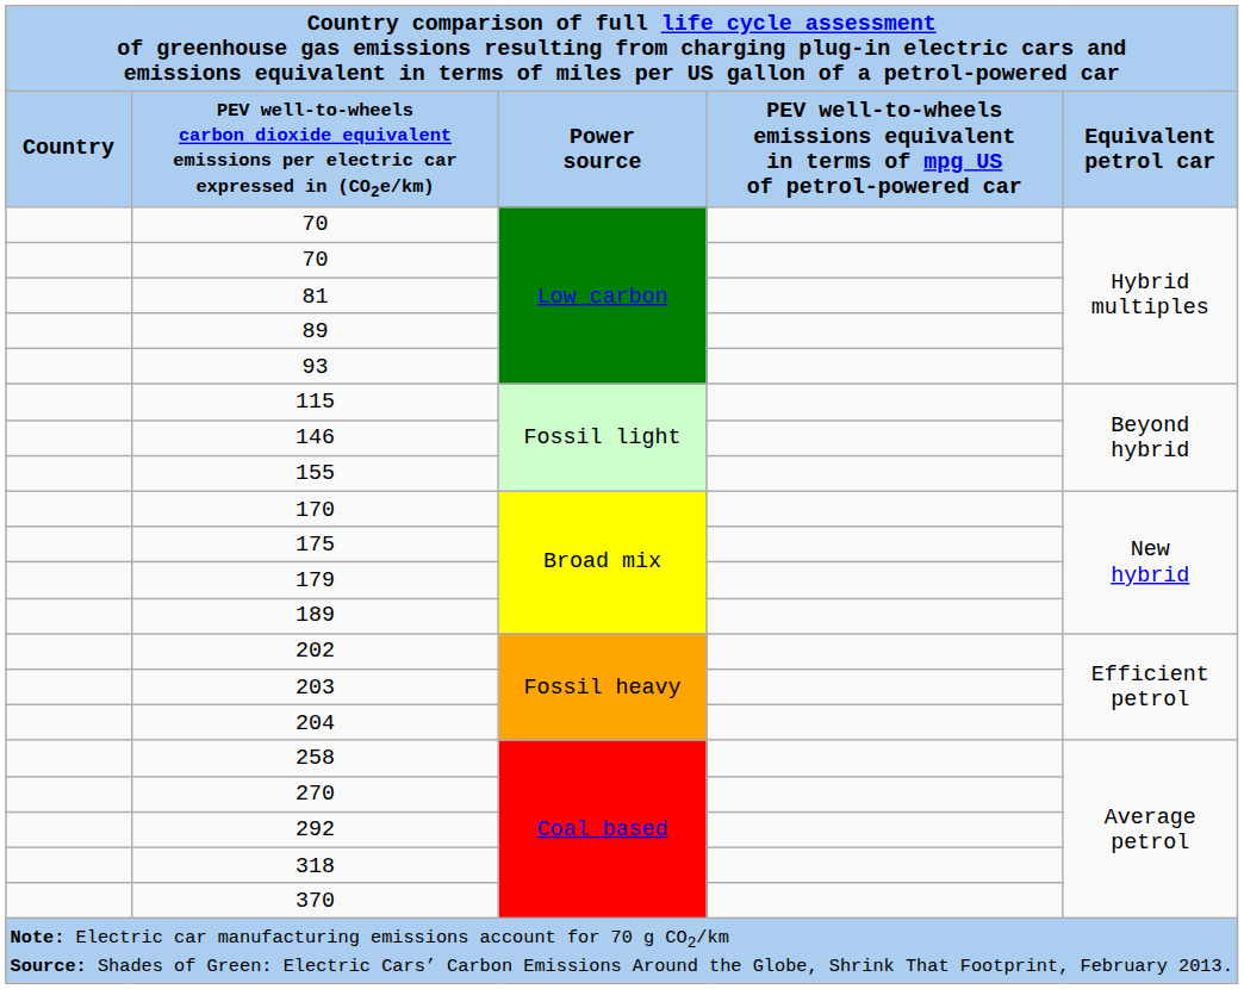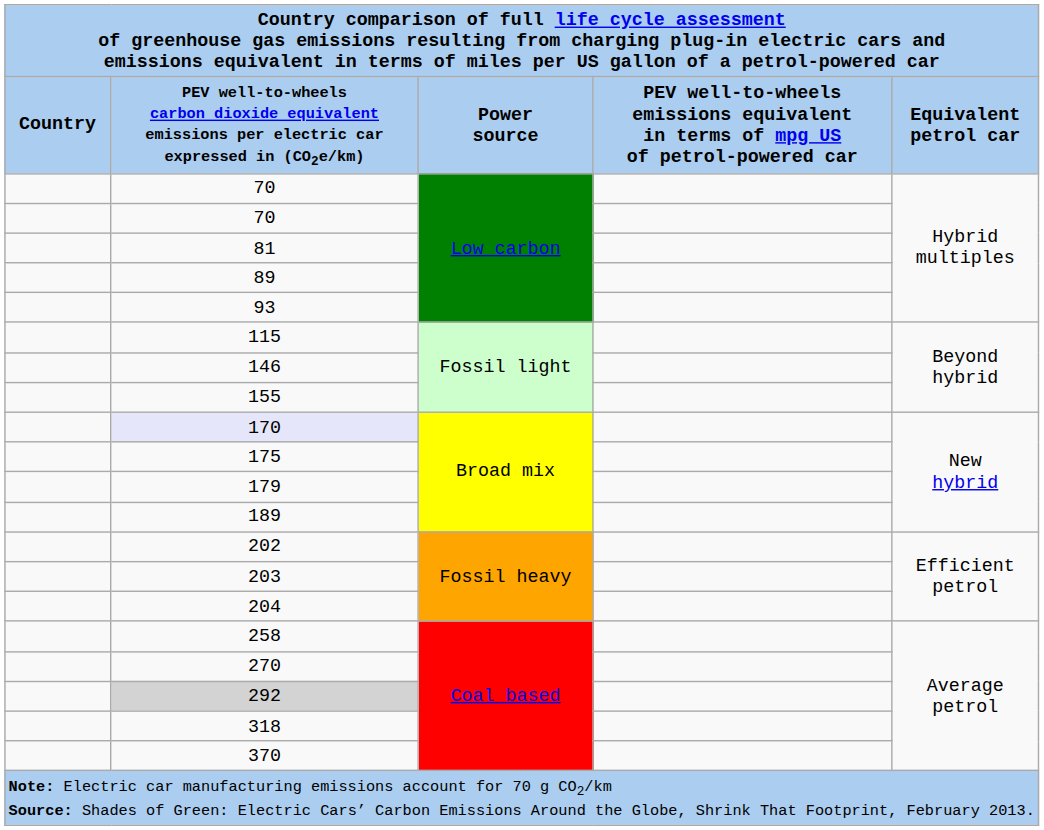 <table class="wikitable" style="margin: 1em auto 1em auto">
 <tr>
 <th colspan="5"  style="text-align:center; background:#abcdef;">Country comparison of full <a href='#'>life cycle assessment</a><br>of greenhouse gas emissions resulting from charging plug-in electric cars and<br>emissions equivalent in terms of miles per US gallon of a petrol-powered car</th>
 </tr>
 <tr>
 <th style="background:#abcdef;">Country</th>
 <th style="background:#abcdef;"><small>PEV well-to-wheels<br> <a href='#'>carbon dioxide equivalent</a><br> emissions per electric car<br>expressed in (CO<sub>2</sub>e/km)</small></th>
 <th style="background:#abcdef;">Power<br>source</th>
 <th style="background:#abcdef;">PEV well-to-wheels<br>  emissions equivalent<br> in terms of <a href='#'>mpg US</a><br>of petrol-powered car</th>
 <th style="background:#abcdef;">Equivalent<br>petrol car</th>
 </tr>
 <tr align=center>
 <td align=left></td>
 <td>70</td>
 <td rowspan="5"  bgcolor="green"><a href='#'>Low carbon</a></td>
 <td></td>
 <td rowspan="5">Hybrid<br> multiples</td>
 </tr>
 <tr align=center>
 <td align=left></td>
 <td>70</td>
 <td></td>
 </tr>
 <tr align=center>
 <td align=left></td>
 <td>81</td>
 <td></td>
 </tr>
 <tr align=center>
 <td align=left></td>
 <td>89</td>
 <td></td>
 </tr>
 <tr align=center>
 <td align=left></td>
 <td>93</td>
 <td></td>
 </tr>
 <tr align=center>
 <td align=left></td>
 <td>115</td>
 <td rowspan="3"  bgcolor="#ccffcc">Fossil light</td>
 <td></td>
 <td rowspan="3">Beyond<br>hybrid</td>
 </tr>
 <tr align=center>
 <td align=left></td>
 <td>146</td>
 <td></td>
 </tr>
 <tr align=center>
 <td align=left></td>
 <td>155</td>
 <td></td>
 </tr>
 <tr align=center>
 <td align=left></td>
-<td>170</td>
+<td style="background: lavender;">170</td>
 <td rowspan="4"  bgcolor="yellow">Broad mix</td>
 <td></td>
 <td rowspan="4">New<br><a href='#'>hybrid</a></td>
 </tr>
 <tr align=center>
 <td align=left></td>
 <td>175</td>
 <td></td>
 </tr>
 <tr align=center>
 <td align=left></td>
 <td>179</td>
 <td></td>
 </tr>
 <tr align=center>
 <td align=left></td>
 <td>189</td>
 <td></td>
 </tr>
 <tr align=center>
 <td align=left></td>
 <td>202</td>
 <td rowspan="3"  bgcolor="orange">Fossil heavy</td>
 <td></td>
 <td rowspan="3">Efficient<br>petrol</td>
 </tr>
 <tr align=center>
 <td align=left></td>
 <td>203</td>
 <td></td>
 </tr>
 <tr align=center>
 <td align=left></td>
 <td>204</td>
 <td></td>
 </tr>
 <tr align=center>
 <td align=left></td>
 <td>258</td>
 <td rowspan="5"  bgcolor="red"><a href='#'>Coal based</a></td>
 <td></td>
 <td rowspan="5">Average<br>petrol</td>
 </tr>
 <tr align=center>
 <td align=left></td>
 <td>270</td>
 <td></td>
 </tr>
 <tr align=center>
 <td align=left></td>
-<td>292</td>
+<td style="background: lightgrey;">292</td>
 <td></td>
 </tr>
 <tr align=center>
 <td align=left></td>
 <td>318</td>
 <td></td>
 </tr>
 <tr align=center>
 <td align=left></td>
 <td>370</td>
 <td></td>
 </tr>
 <tr>
 <td colspan="5" style="background:#abcdef;"><small><strong>Note:</strong> Electric car manufacturing emissions account for 70 g CO<sub>2</sub>/km<br><strong>Source:</strong> Shades of Green: Electric Cars’ Carbon Emissions Around the Globe, Shrink That Footprint, February 2013.</small></td>
 </tr>
 </table>
